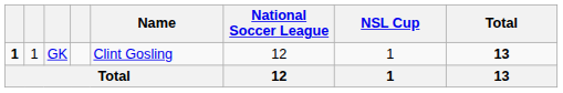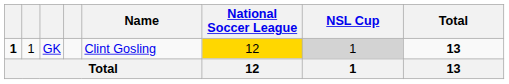 <table class="wikitable" style="text-align:center">
 <tr>
 <th width=15></th>
 <th width=15></th>
 <th width=15></th>
 <th width=15></th>
 <th width=145>Name</th>
 <th width=120><a href='#'>National Soccer League</a></th>
 <th width=120><a href='#'>NSL Cup</a></th>
 <th width=120>Total</th>
 </tr>
 <tr>
 <td><strong>1</strong></td>
 <td>1</td>
 <td><a href='#'>GK</a></td>
 <td></td>
 <td align=left><a href='#'>Clint Gosling</a></td>
-<td>12</td>
-<td>1</td>
+<td style="background: gold;">12</td>
+<td style="background: lightgrey;">1</td>
 <td><strong>13</strong></td>
 </tr>
 <tr>
 <th colspan="5"><strong>Total</strong></th>
 <th>12</th>
 <th>1</th>
 <th>13</th>
 </tr>
 </table>
